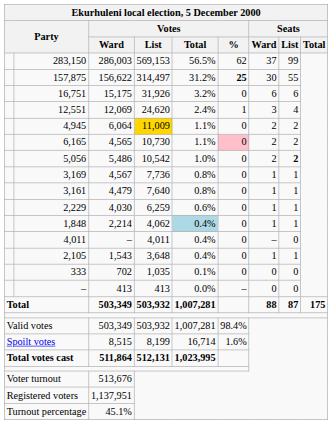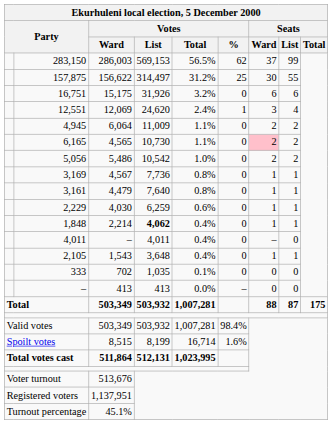 <table class=wikitable style="text-align:right">
 <tr>
 <th colspan="9" align="center">Ekurhuleni local election, 5 December 2000</th>
 </tr>
 <tr>
 <th rowspan="2" colspan="2">Party</th>
 <th colspan="4" align="center">Votes</th>
 <th colspan="3" align="center">Seats</th>
 </tr>
 <tr>
 <th>Ward</th>
 <th>List</th>
 <th>Total</th>
 <th>%</th>
 <th>Ward</th>
 <th>List</th>
 <th>Total</th>
 </tr>
 <tr>
 <td></td>
 <td>283,150</td>
 <td>286,003</td>
 <td>569,153</td>
 <td>56.5%</td>
 <td>62</td>
 <td>37</td>
 <td>99</td>
 </tr>
 <tr>
 <td></td>
 <td>157,875</td>
 <td>156,622</td>
 <td>314,497</td>
 <td>31.2%</td>
-<td><strong>25</strong></td>
+<td>25</td>
 <td>30</td>
 <td>55</td>
 </tr>
 <tr>
 <td></td>
 <td>16,751</td>
 <td>15,175</td>
 <td>31,926</td>
 <td>3.2%</td>
 <td>0</td>
 <td>6</td>
 <td>6</td>
 </tr>
 <tr>
 <td></td>
 <td>12,551</td>
 <td>12,069</td>
 <td>24,620</td>
 <td>2.4%</td>
 <td>1</td>
 <td>3</td>
 <td>4</td>
 </tr>
 <tr>
 <td></td>
 <td>4,945</td>
 <td>6,064</td>
-<td style="background: gold;">11,009</td>
+<td>11,009</td>
 <td>1.1%</td>
 <td>0</td>
 <td>2</td>
 <td>2</td>
 </tr>
 <tr>
 <td></td>
 <td>6,165</td>
 <td>4,565</td>
 <td>10,730</td>
 <td>1.1%</td>
-<td style="background: pink;">0</td>
-<td>2</td>
+<td>0</td>
+<td style="background: pink;">2</td>
 <td>2</td>
 </tr>
 <tr>
 <td></td>
 <td>5,056</td>
 <td>5,486</td>
 <td>10,542</td>
 <td>1.0%</td>
 <td>0</td>
 <td>2</td>
-<td><strong>2</strong></td>
+<td>2</td>
 </tr>
 <tr>
 <td></td>
 <td>3,169</td>
 <td>4,567</td>
 <td>7,736</td>
 <td>0.8%</td>
 <td>0</td>
 <td>1</td>
 <td>1</td>
 </tr>
 <tr>
 <td></td>
 <td>3,161</td>
 <td>4,479</td>
 <td>7,640</td>
 <td>0.8%</td>
 <td>0</td>
 <td>1</td>
 <td>1</td>
 </tr>
 <tr>
 <td></td>
 <td>2,229</td>
 <td>4,030</td>
 <td>6,259</td>
 <td>0.6%</td>
 <td>0</td>
 <td>1</td>
 <td>1</td>
 </tr>
 <tr>
 <td></td>
 <td>1,848</td>
 <td>2,214</td>
-<td>4,062</td>
-<td style="background: lightblue;">0.4%</td>
+<td><strong>4,062</strong></td>
+<td>0.4%</td>
 <td>0</td>
 <td>1</td>
 <td>1</td>
 </tr>
 <tr>
 <td></td>
 <td>4,011</td>
 <td>–</td>
 <td>4,011</td>
 <td>0.4%</td>
 <td>0</td>
 <td>–</td>
 <td>0</td>
 </tr>
 <tr>
 <td></td>
 <td>2,105</td>
 <td>1,543</td>
 <td>3,648</td>
 <td>0.4%</td>
 <td>0</td>
 <td>1</td>
 <td>1</td>
 </tr>
 <tr>
 <td></td>
 <td>333</td>
 <td>702</td>
 <td>1,035</td>
 <td>0.1%</td>
 <td>0</td>
 <td>0</td>
 <td>0</td>
 </tr>
 <tr>
 <td></td>
 <td>–</td>
 <td>413</td>
 <td>413</td>
 <td>0.0%</td>
 <td>–</td>
 <td>0</td>
 <td>0</td>
 </tr>
 <tr>
 <td colspan="2" style="text-align:left"><strong>Total</strong></td>
 <td><strong>503,349</strong></td>
 <td><strong>503,932</strong></td>
 <td><strong>1,007,281</strong></td>
 <td></td>
 <td><strong>88</strong></td>
 <td><strong>87</strong></td>
 <td><strong>175</strong></td>
 </tr>
 <tr>
 <td colspan="9"></td>
 </tr>
 <tr>
 <td colspan="2" style="text-align:left">Valid votes</td>
 <td>503,349</td>
 <td>503,932</td>
 <td>1,007,281</td>
 <td>98.4%</td>
 </tr>
 <tr>
 <td colspan="2" style="text-align:left"><a href='#'>Spoilt votes</a></td>
 <td>8,515</td>
 <td>8,199</td>
 <td>16,714</td>
 <td>1.6%</td>
 </tr>
 <tr>
 <td colspan="2" style="text-align:left"><strong>Total votes cast</strong></td>
 <td><strong>511,864</strong></td>
 <td><strong>512,131</strong></td>
 <td><strong>1,023,995</strong></td>
 <td></td>
 </tr>
 <tr>
 <td colspan="6"></td>
 </tr>
 <tr>
 <td colspan="2" style="text-align:left">Voter turnout</td>
 <td>513,676</td>
 </tr>
 <tr>
 <td colspan="2" style="text-align:left">Registered voters</td>
 <td>1,137,951</td>
 </tr>
 <tr>
 <td colspan="2" style="text-align:left">Turnout percentage</td>
 <td>45.1%</td>
 </tr>
 </table>
